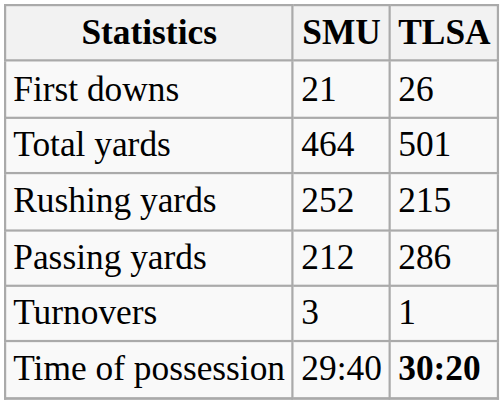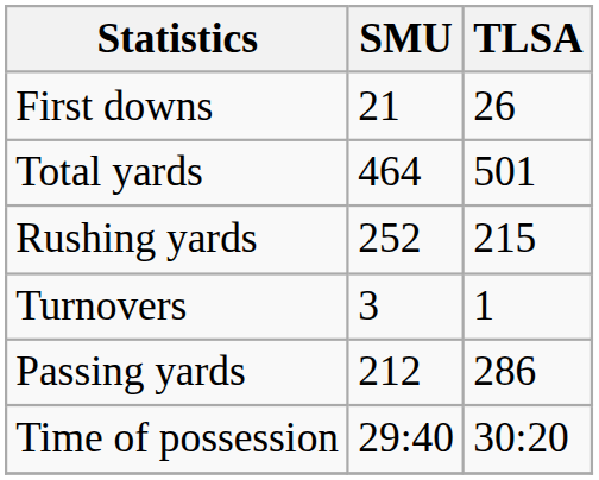 <table class="wikitable">
 <tr>
 <th>Statistics</th>
 <th>SMU</th>
 <th>TLSA</th>
 </tr>
 <tr>
 <td>First downs</td>
 <td>21</td>
 <td>26</td>
 </tr>
 <tr>
 <td>Total yards</td>
 <td>464</td>
 <td>501</td>
 </tr>
 <tr>
 <td>Rushing yards</td>
 <td>252</td>
 <td>215</td>
 </tr>
 <tr>
+<td>Turnovers</td>
+<td>3</td>
+<td>1</td>
+</tr>
+<tr>
 <td>Passing yards</td>
 <td>212</td>
 <td>286</td>
 </tr>
 <tr>
-<td>Turnovers</td>
-<td>3</td>
-<td>1</td>
-</tr>
-<tr>
 <td>Time of possession</td>
 <td>29:40</td>
-<td><strong>30:20</strong></td>
+<td>30:20</td>
 </tr>
 <tr>
 </tr>
 </table>
